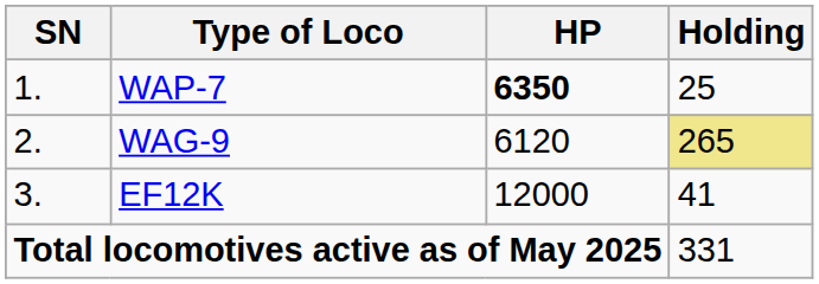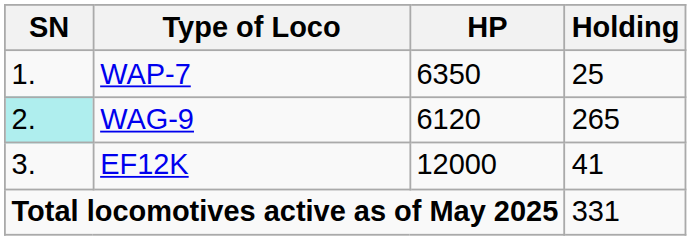 <table class="wikitable">
 <tr>
 <th>SN</th>
 <th>Type of Loco</th>
 <th>HP</th>
 <th>Holding</th>
 </tr>
 <tr>
 <td>1.</td>
 <td><a href='#'>WAP-7</a></td>
-<td><strong>6350</strong></td>
+<td>6350</td>
 <td>25</td>
 </tr>
 <tr>
-<td>2.</td>
+<td style="background: paleturquoise;">2.</td>
 <td><a href='#'>WAG-9</a></td>
 <td>6120</td>
-<td style="background: khaki;">265</td>
+<td>265</td>
 </tr>
 <tr>
 <td>3.</td>
 <td><a href='#'>EF12K</a></td>
 <td>12000</td>
 <td>41</td>
 </tr>
 <tr>
 <td colspan="3"><strong>Total locomotives active as of May 2025</strong></td>
 <td>331</td>
 </tr>
 </table>
